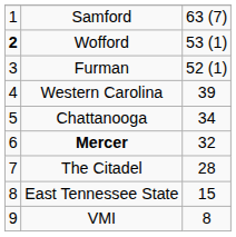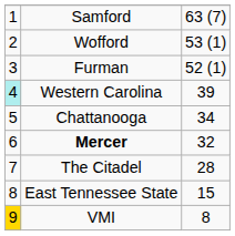 <table class="wikitable" style="display: inline-table;">
 <tr align="center">
 </tr>
 <tr align="center">
 <td>1</td>
 <td>Samford</td>
 <td>63 (7)</td>
 </tr>
 <tr align="center">
-<td><strong>2</strong></td>
+<td>2</td>
 <td>Wofford</td>
 <td>53 (1)</td>
 </tr>
 <tr align="center">
 <td>3</td>
 <td>Furman</td>
 <td>52 (1)</td>
 </tr>
 <tr align="center">
-<td>4</td>
+<td style="background: paleturquoise;">4</td>
 <td>Western Carolina</td>
 <td>39</td>
 </tr>
 <tr align="center">
 <td>5</td>
 <td>Chattanooga</td>
 <td>34</td>
 </tr>
 <tr align="center">
 <td>6</td>
 <td><strong>Mercer</strong></td>
 <td>32</td>
 </tr>
 <tr align="center">
 <td>7</td>
 <td>The Citadel</td>
 <td>28</td>
 </tr>
 <tr align="center">
 <td>8</td>
 <td>East Tennessee State</td>
 <td>15</td>
 </tr>
 <tr align="center">
-<td>9</td>
+<td style="background: gold;">9</td>
 <td>VMI</td>
 <td>8</td>
 </tr>
 </table>
